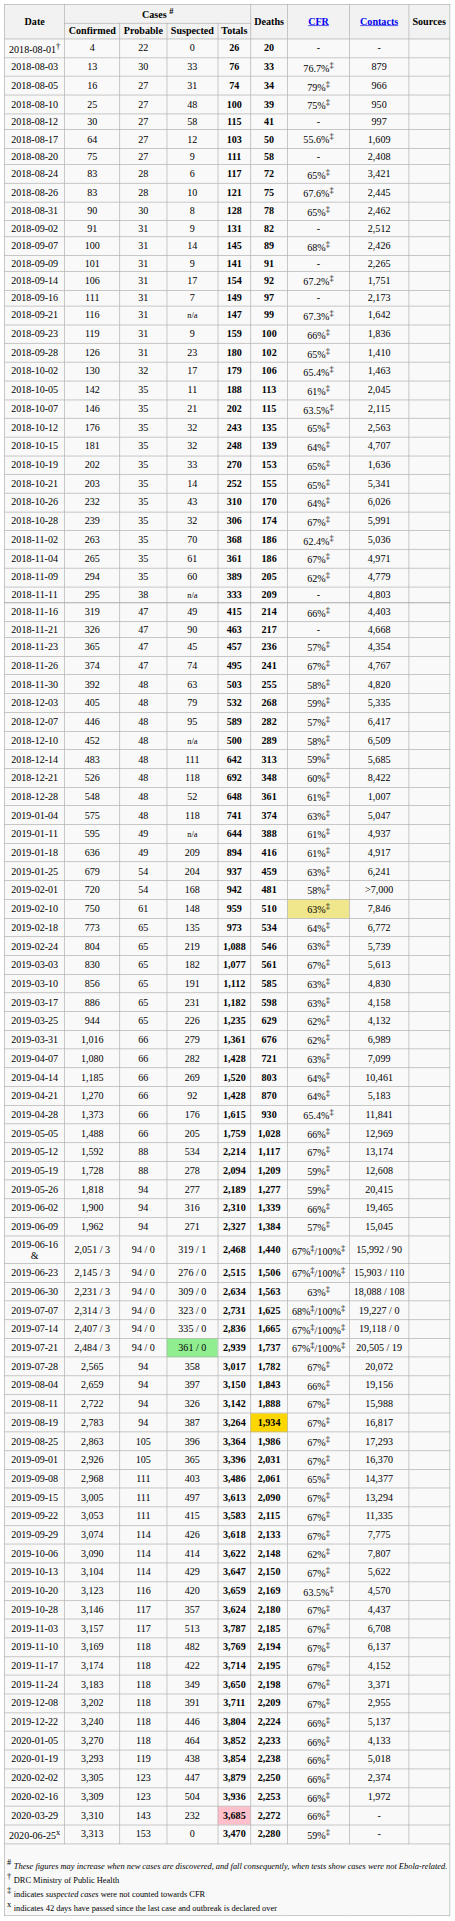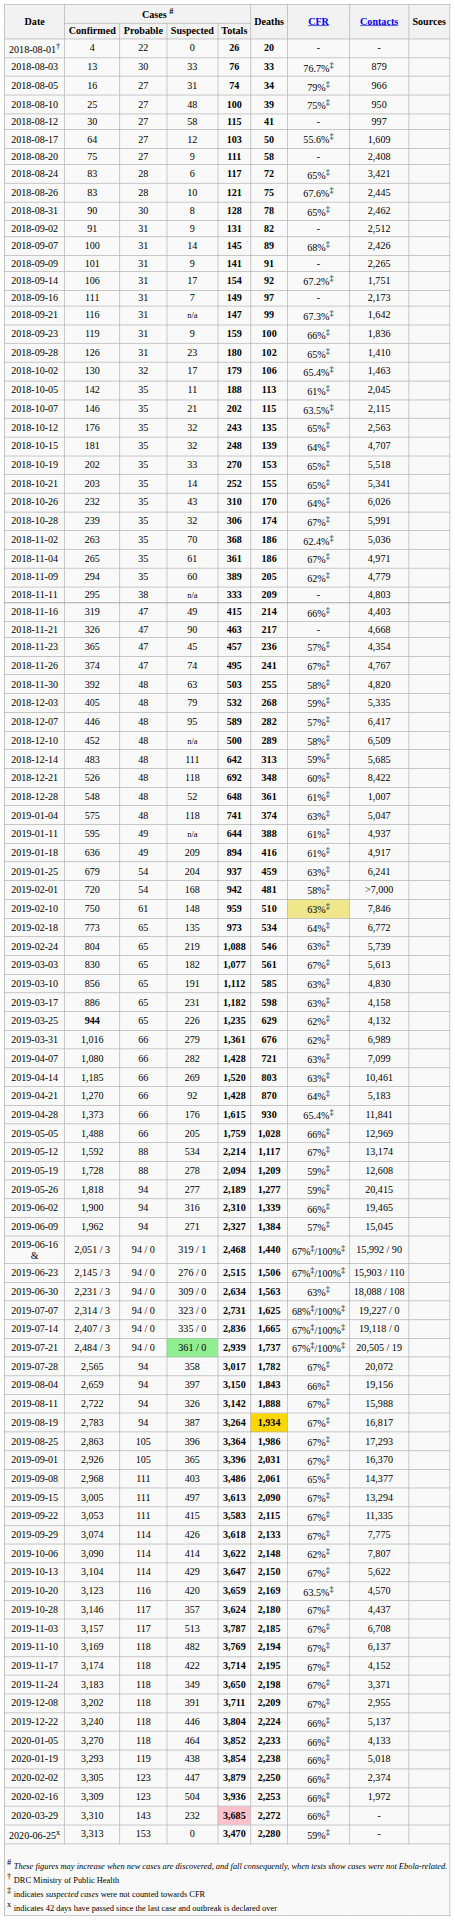 <table class="wikitable mw-collapsible mw-collapsible" style="text-align:center; margin-left: auto; margin-right: auto; border: none;">
 <tr>
 <th rowspan="2">Date</th>
 <th colspan="4">Cases <sup>#</sup></th>
 <th rowspan="2">Deaths</th>
 <th rowspan="2"><a href='#'>CFR</a></th>
 <th rowspan="2"><a href='#'>Contacts</a></th>
 <th rowspan="2">Sources</th>
 </tr>
 <tr>
 <th>Confirmed</th>
 <th>Probable</th>
 <th>Suspected</th>
 <th>Totals</th>
 </tr>
 <tr>
 <td>2018-08-01<sup>†</sup><strong><em></em></strong></td>
 <td>4</td>
 <td>22</td>
 <td>0</td>
 <td><strong>26</strong></td>
 <td><strong>20</strong></td>
 <td>-</td>
 <td>-</td>
 <td></td>
 </tr>
 <tr>
 <td>2018-08-03</td>
 <td>13</td>
 <td>30</td>
 <td>33</td>
 <td><strong>76</strong></td>
 <td><strong>33</strong></td>
 <td>76.7%<sup>‡</sup></td>
 <td>879</td>
 <td></td>
 </tr>
 <tr>
 <td>2018-08-05</td>
 <td>16</td>
 <td>27</td>
 <td>31</td>
 <td><strong>74</strong></td>
 <td><strong>34</strong></td>
 <td>79%<sup>‡</sup></td>
 <td>966</td>
 <td></td>
 </tr>
 <tr>
 <td>2018-08-10</td>
 <td>25</td>
 <td>27</td>
 <td>48</td>
 <td><strong>100</strong></td>
 <td><strong>39</strong></td>
 <td>75%<sup>‡</sup></td>
 <td>950</td>
 <td></td>
 </tr>
 <tr>
 <td>2018-08-12</td>
 <td>30</td>
 <td>27</td>
 <td>58</td>
 <td><strong>115</strong></td>
 <td><strong>41</strong></td>
 <td>-</td>
 <td>997</td>
 <td></td>
 </tr>
 <tr>
 <td>2018-08-17</td>
 <td>64</td>
 <td>27</td>
 <td>12</td>
 <td><strong>103</strong></td>
 <td><strong>50</strong></td>
 <td>55.6%<sup>‡</sup></td>
 <td>1,609</td>
 <td></td>
 </tr>
 <tr>
 <td>2018-08-20</td>
 <td>75</td>
 <td>27</td>
 <td>9</td>
 <td><strong>111</strong></td>
 <td><strong>58</strong></td>
 <td>-</td>
 <td>2,408</td>
 <td></td>
 </tr>
 <tr>
 <td>2018-08-24</td>
 <td>83</td>
 <td>28</td>
 <td>6</td>
 <td><strong>117</strong></td>
 <td><strong>72</strong></td>
 <td>65%<sup>‡</sup></td>
 <td>3,421</td>
 <td></td>
 </tr>
 <tr>
 <td>2018-08-26</td>
 <td>83</td>
 <td>28</td>
 <td>10</td>
 <td><strong>121</strong></td>
 <td><strong>75</strong></td>
 <td>67.6%<sup>‡</sup></td>
 <td>2,445</td>
 <td></td>
 </tr>
 <tr>
 <td>2018-08-31</td>
 <td>90</td>
 <td>30</td>
 <td>8</td>
 <td><strong>128</strong></td>
 <td><strong>78</strong></td>
 <td>65%<sup>‡</sup></td>
 <td>2,462</td>
 <td></td>
 </tr>
 <tr>
 <td>2018-09-02</td>
 <td>91</td>
 <td>31</td>
 <td>9</td>
 <td><strong>131</strong></td>
 <td><strong>82</strong></td>
 <td>-</td>
 <td>2,512</td>
 <td></td>
 </tr>
 <tr>
 <td>2018-09-07</td>
 <td>100</td>
 <td>31</td>
 <td>14</td>
 <td><strong>145</strong></td>
 <td><strong>89</strong></td>
 <td>68%<sup>‡</sup></td>
 <td>2,426</td>
 <td></td>
 </tr>
 <tr>
 <td>2018-09-09</td>
 <td>101</td>
 <td>31</td>
 <td>9</td>
 <td><strong>141</strong></td>
 <td><strong>91</strong></td>
 <td>-</td>
 <td>2,265</td>
 <td></td>
 </tr>
 <tr>
 <td>2018-09-14</td>
 <td>106</td>
 <td>31</td>
 <td>17</td>
 <td><strong>154</strong></td>
 <td><strong>92</strong></td>
 <td>67.2%<sup>‡</sup></td>
 <td>1,751</td>
 <td></td>
 </tr>
 <tr>
 <td>2018-09-16</td>
 <td>111</td>
 <td>31</td>
 <td>7</td>
 <td><strong>149</strong></td>
 <td><strong>97</strong></td>
 <td>-</td>
 <td>2,173</td>
 <td></td>
 </tr>
 <tr>
 <td>2018-09-21</td>
 <td>116</td>
 <td>31</td>
 <td><small>n/a</small></td>
 <td><strong>147</strong></td>
 <td><strong>99</strong></td>
 <td>67.3%<sup>‡</sup></td>
 <td>1,642</td>
 <td></td>
 </tr>
 <tr>
 <td>2018-09-23</td>
 <td>119</td>
 <td>31</td>
 <td>9</td>
 <td><strong>159</strong></td>
 <td><strong>100</strong></td>
 <td>66%<sup>‡</sup></td>
 <td>1,836</td>
 <td></td>
 </tr>
 <tr>
 <td>2018-09-28</td>
 <td>126</td>
 <td>31</td>
 <td>23</td>
 <td><strong>180</strong></td>
 <td><strong>102</strong></td>
 <td>65%<sup>‡</sup></td>
 <td>1,410</td>
 <td></td>
 </tr>
 <tr>
 <td>2018-10-02</td>
 <td>130</td>
 <td>32</td>
 <td>17</td>
 <td><strong>179</strong></td>
 <td><strong>106</strong></td>
 <td>65.4%<sup>‡</sup></td>
 <td>1,463</td>
 <td></td>
 </tr>
 <tr>
 <td>2018-10-05</td>
 <td>142</td>
 <td>35</td>
 <td>11</td>
 <td><strong>188</strong></td>
 <td><strong>113</strong></td>
 <td>61%<sup>‡</sup></td>
 <td>2,045</td>
 <td></td>
 </tr>
 <tr>
 <td>2018-10-07</td>
 <td>146</td>
 <td>35</td>
 <td>21</td>
 <td><strong>202</strong></td>
 <td><strong>115</strong></td>
 <td>63.5%<sup>‡</sup></td>
 <td>2,115</td>
 <td></td>
 </tr>
 <tr>
 <td>2018-10-12</td>
 <td>176</td>
 <td>35</td>
 <td>32</td>
 <td><strong>243</strong></td>
 <td><strong>135</strong></td>
 <td>65%<sup>‡</sup></td>
 <td>2,563</td>
 <td></td>
 </tr>
 <tr>
 <td>2018-10-15</td>
 <td>181</td>
 <td>35</td>
 <td>32</td>
 <td><strong>248</strong></td>
 <td><strong>139</strong></td>
 <td>64%<sup>‡</sup></td>
 <td>4,707</td>
 <td></td>
 </tr>
 <tr>
 <td>2018-10-19</td>
 <td>202</td>
 <td>35</td>
 <td>33</td>
 <td><strong>270</strong></td>
 <td><strong>153</strong></td>
 <td>65%<sup>‡</sup></td>
-<td>1,636</td>
+<td>5,518</td>
 <td></td>
 </tr>
 <tr>
 <td>2018-10-21</td>
 <td>203</td>
 <td>35</td>
 <td>14</td>
 <td><strong>252</strong></td>
 <td><strong>155</strong></td>
 <td>65%<sup>‡</sup></td>
 <td>5,341</td>
 <td></td>
 </tr>
 <tr>
 <td>2018-10-26</td>
 <td>232</td>
 <td>35</td>
 <td>43</td>
 <td><strong>310</strong></td>
 <td><strong>170</strong></td>
 <td>64%<sup>‡</sup></td>
 <td>6,026</td>
 <td></td>
 </tr>
 <tr>
 <td>2018-10-28</td>
 <td>239</td>
 <td>35</td>
 <td>32</td>
 <td><strong>306</strong></td>
 <td><strong>174</strong></td>
 <td>67%<sup>‡</sup></td>
 <td>5,991</td>
 <td></td>
 </tr>
 <tr>
 <td>2018-11-02</td>
 <td>263</td>
 <td>35</td>
 <td>70</td>
 <td><strong>368</strong></td>
 <td><strong>186</strong></td>
 <td>62.4%<sup>‡</sup></td>
 <td>5,036</td>
 <td></td>
 </tr>
 <tr>
 <td>2018-11-04</td>
 <td>265</td>
 <td>35</td>
 <td>61</td>
 <td><strong>361</strong></td>
 <td><strong>186</strong></td>
 <td>67%<sup>‡</sup></td>
 <td>4,971</td>
 <td></td>
 </tr>
 <tr>
 <td>2018-11-09</td>
 <td>294</td>
 <td>35</td>
 <td>60</td>
 <td><strong>389</strong></td>
 <td><strong>205</strong></td>
 <td>62%<sup>‡</sup></td>
 <td>4,779</td>
 <td></td>
 </tr>
 <tr>
 <td>2018-11-11</td>
 <td>295</td>
 <td>38</td>
 <td><small>n/a</small></td>
 <td><strong>333</strong></td>
 <td><strong>209</strong></td>
 <td>-</td>
 <td>4,803</td>
 <td></td>
 </tr>
 <tr>
 </tr>
 <tr 2018-11-16||319||47||49||>
 </tr>
 <tr>
 <td>2018-11-16</td>
 <td>319</td>
 <td>47</td>
 <td>49</td>
 <td><strong>415</strong></td>
 <td><strong>214</strong></td>
 <td>66%<sup>‡</sup></td>
 <td>4,403</td>
 <td></td>
 </tr>
 <tr>
 <td>2018-11-21</td>
 <td>326</td>
 <td>47</td>
 <td>90</td>
 <td><strong>463</strong></td>
 <td><strong>217</strong></td>
 <td>-</td>
 <td>4,668</td>
 <td></td>
 </tr>
 <tr>
 <td>2018-11-23</td>
 <td>365</td>
 <td>47</td>
 <td>45</td>
 <td><strong>457</strong></td>
 <td><strong>236</strong></td>
 <td>57%<sup>‡</sup></td>
 <td>4,354</td>
 <td></td>
 </tr>
 <tr>
 <td>2018-11-26</td>
 <td>374</td>
 <td>47</td>
 <td>74</td>
 <td><strong>495</strong></td>
 <td><strong>241</strong></td>
 <td>67%<sup>‡</sup></td>
 <td>4,767</td>
 <td></td>
 </tr>
 <tr>
 <td>2018-11-30</td>
 <td>392</td>
 <td>48</td>
 <td>63</td>
 <td><strong>503</strong></td>
 <td><strong>255</strong></td>
 <td>58%<sup>‡</sup></td>
 <td>4,820</td>
 <td></td>
 </tr>
 <tr>
 <td>2018-12-03</td>
 <td>405</td>
 <td>48</td>
 <td>79</td>
 <td><strong>532</strong></td>
 <td><strong>268</strong></td>
 <td>59%<sup>‡</sup></td>
 <td>5,335</td>
 <td></td>
 </tr>
 <tr>
 <td>2018-12-07</td>
 <td>446</td>
 <td>48</td>
 <td>95</td>
 <td><strong>589</strong></td>
 <td><strong>282</strong></td>
 <td>57%<sup>‡</sup></td>
 <td>6,417</td>
 <td></td>
 </tr>
 <tr>
 <td>2018-12-10</td>
 <td>452</td>
 <td>48</td>
 <td><small>n/a</small></td>
 <td><strong>500</strong></td>
 <td><strong>289</strong></td>
 <td>58%<sup>‡</sup></td>
 <td>6,509</td>
 <td></td>
 </tr>
 <tr>
 <td>2018-12-14</td>
 <td>483</td>
 <td>48</td>
 <td>111</td>
 <td><strong>642</strong></td>
 <td><strong>313</strong></td>
 <td>59%<sup>‡</sup></td>
 <td>5,685</td>
 <td></td>
 </tr>
 <tr>
 <td>2018-12-21</td>
 <td>526</td>
 <td>48</td>
 <td>118</td>
 <td><strong>692</strong></td>
 <td><strong>348</strong></td>
 <td>60%<sup>‡</sup></td>
 <td>8,422</td>
 <td></td>
 </tr>
 <tr>
 <td>2018-12-28</td>
 <td>548</td>
 <td>48</td>
 <td>52</td>
 <td><strong>648</strong></td>
 <td><strong>361</strong></td>
 <td>61%<sup>‡</sup></td>
 <td>1,007</td>
 <td></td>
 </tr>
 <tr>
 <td>2019-01-04</td>
 <td>575</td>
 <td>48</td>
 <td>118</td>
 <td><strong>741</strong></td>
 <td><strong>374</strong></td>
 <td>63%<sup>‡</sup></td>
 <td>5,047</td>
 <td></td>
 </tr>
 <tr>
 <td>2019-01-11</td>
 <td>595</td>
 <td>49</td>
 <td><small>n/a</small></td>
 <td><strong>644</strong></td>
 <td><strong>388</strong></td>
 <td>61%<sup>‡</sup></td>
 <td>4,937</td>
 <td></td>
 </tr>
 <tr>
 <td>2019-01-18</td>
 <td>636</td>
 <td>49</td>
 <td>209</td>
 <td><strong>894</strong></td>
 <td><strong>416</strong></td>
 <td>61%<sup>‡</sup></td>
 <td>4,917</td>
 <td></td>
 </tr>
 <tr>
 <td>2019-01-25</td>
 <td>679</td>
 <td>54</td>
 <td>204</td>
 <td><strong>937</strong></td>
 <td><strong>459</strong></td>
 <td>63%<sup>‡</sup></td>
 <td>6,241</td>
 <td></td>
 </tr>
 <tr>
 <td>2019-02-01</td>
 <td>720</td>
 <td>54</td>
 <td>168</td>
 <td><strong>942</strong></td>
 <td><strong>481</strong></td>
 <td>58%<sup>‡</sup></td>
 <td>>7,000</td>
 <td></td>
 </tr>
 <tr>
 <td>2019-02-10</td>
 <td>750</td>
 <td>61</td>
 <td>148</td>
 <td><strong>959</strong></td>
 <td><strong>510</strong></td>
 <td style="background: khaki;">63%<sup>‡</sup></td>
 <td>7,846</td>
 <td></td>
 </tr>
 <tr>
 <td>2019-02-18</td>
 <td>773</td>
 <td>65</td>
 <td>135</td>
 <td><strong>973</strong></td>
 <td><strong>534</strong></td>
 <td>64%<sup>‡</sup></td>
 <td>6,772</td>
 <td></td>
 </tr>
 <tr>
 <td>2019-02-24</td>
 <td>804</td>
 <td>65</td>
 <td>219</td>
 <td><strong>1,088 </strong></td>
 <td><strong>546</strong></td>
 <td>63%<sup>‡</sup></td>
 <td>5,739</td>
 <td></td>
 </tr>
 <tr>
 <td>2019-03-03</td>
 <td>830</td>
 <td>65</td>
 <td>182</td>
 <td><strong>1,077</strong></td>
 <td><strong>561</strong></td>
 <td>67%<sup>‡</sup></td>
 <td>5,613</td>
 <td></td>
 </tr>
 <tr>
 <td>2019-03-10</td>
 <td>856</td>
 <td>65</td>
 <td>191</td>
 <td><strong>1,112</strong></td>
 <td><strong>585</strong></td>
 <td>63%<sup>‡</sup></td>
 <td>4,830</td>
 <td></td>
 </tr>
 <tr>
 <td>2019-03-17</td>
 <td>886</td>
 <td>65</td>
 <td>231</td>
 <td><strong>1,182</strong></td>
 <td><strong>598</strong></td>
 <td>63%<sup>‡</sup></td>
 <td>4,158</td>
 <td></td>
 </tr>
 <tr>
 <td>2019-03-25</td>
-<td>944</td>
+<td><strong>944</strong></td>
 <td>65</td>
 <td>226</td>
 <td><strong>1,235</strong></td>
 <td><strong>629</strong></td>
 <td>62%<sup>‡</sup></td>
 <td>4,132</td>
 <td></td>
 </tr>
 <tr>
 <td>2019-03-31</td>
 <td>1,016</td>
 <td>66</td>
 <td>279</td>
 <td><strong>1,361</strong></td>
 <td><strong>676</strong></td>
 <td>62%<sup>‡</sup></td>
 <td>6,989</td>
 <td></td>
 </tr>
 <tr>
 <td>2019-04-07</td>
 <td>1,080</td>
 <td>66</td>
 <td>282</td>
 <td><strong>1,428</strong></td>
 <td><strong>721</strong></td>
 <td>63%<sup>‡</sup></td>
 <td>7,099</td>
 <td></td>
 </tr>
 <tr>
 <td>2019-04-14</td>
 <td>1,185</td>
 <td>66</td>
 <td>269</td>
 <td><strong>1,520</strong></td>
 <td><strong>803</strong></td>
-<td>64%<sup>‡</sup></td>
+<td>63%<sup>‡</sup></td>
 <td>10,461</td>
 <td></td>
 </tr>
 <tr>
 <td>2019-04-21</td>
 <td>1,270</td>
 <td>66</td>
 <td>92</td>
 <td><strong>1,428</strong></td>
 <td><strong>870</strong></td>
 <td>64%<sup>‡</sup></td>
 <td>5,183</td>
 <td></td>
 </tr>
 <tr>
 <td>2019-04-28</td>
 <td>1,373</td>
 <td>66</td>
 <td>176</td>
 <td><strong>1,615</strong></td>
 <td><strong>930</strong></td>
 <td>65.4%<sup>‡</sup></td>
 <td>11,841</td>
 <td></td>
 </tr>
 <tr>
 <td>2019-05-05</td>
 <td>1,488</td>
 <td>66</td>
 <td>205</td>
 <td><strong>1,759</strong></td>
 <td><strong>1,028</strong></td>
 <td>66%<sup>‡</sup></td>
 <td>12,969</td>
 <td></td>
 </tr>
 <tr>
 <td>2019-05-12</td>
 <td>1,592</td>
 <td>88</td>
 <td>534</td>
 <td><strong>2,214</strong></td>
 <td><strong>1,117</strong></td>
 <td>67%<sup>‡</sup></td>
 <td>13,174</td>
 <td></td>
 </tr>
 <tr>
 <td>2019-05-19</td>
 <td>1,728</td>
 <td>88</td>
 <td>278</td>
 <td><strong>2,094</strong></td>
 <td><strong>1,209</strong></td>
 <td>59%<sup>‡</sup></td>
 <td>12,608</td>
 <td></td>
 </tr>
 <tr>
 <td>2019-05-26</td>
 <td>1,818</td>
 <td>94</td>
 <td>277</td>
 <td><strong>2,189</strong></td>
 <td><strong>1,277</strong></td>
 <td>59%<sup>‡</sup></td>
 <td>20,415</td>
 <td></td>
 </tr>
 <tr>
 <td>2019-06-02</td>
 <td>1,900</td>
 <td>94</td>
 <td>316</td>
 <td><strong>2,310</strong></td>
 <td><strong>1,339</strong></td>
 <td>66%<sup>‡</sup></td>
 <td>19,465</td>
 <td></td>
 </tr>
 <tr>
 <td>2019-06-09</td>
 <td>1,962</td>
 <td>94</td>
 <td>271</td>
 <td><strong>2,327</strong></td>
 <td><strong>1,384</strong></td>
 <td>57%<sup>‡</sup></td>
 <td>15,045</td>
 <td></td>
 </tr>
 <tr>
 <td>2019-06-16 <br><strong><em></em></strong> & <strong><em></em></strong></td>
 <td>2,051 / 3</td>
 <td>94 / 0</td>
 <td>319 / 1</td>
 <td><strong>2,468</strong></td>
 <td><strong>1,440</strong></td>
 <td>67%<sup>‡</sup>/100%<sup>‡</sup></td>
 <td>15,992 / 90</td>
 <td></td>
 </tr>
 <tr>
 <td>2019-06-23</td>
 <td>2,145 / 3</td>
 <td>94 / 0</td>
 <td>276 / 0</td>
 <td><strong>2,515</strong></td>
 <td><strong>1,506</strong></td>
 <td>67%<sup>‡</sup>/100%<sup>‡</sup></td>
 <td>15,903 / 110</td>
 <td></td>
 </tr>
 <tr>
 <td>2019-06-30</td>
 <td>2,231 / 3</td>
 <td>94 / 0</td>
 <td>309 / 0</td>
 <td><strong>2,634</strong></td>
 <td><strong>1,563</strong></td>
 <td>63%<sup>‡</sup></td>
 <td>18,088 / 108</td>
 <td></td>
 </tr>
 <tr>
 <td>2019-07-07</td>
 <td>2,314 / 3</td>
 <td>94 / 0</td>
 <td>323 / 0</td>
 <td><strong>2,731</strong></td>
 <td><strong>1,625</strong></td>
 <td>68%<sup>‡</sup>/100%<sup>‡</sup></td>
 <td>19,227 / 0</td>
 <td></td>
 </tr>
 <tr>
 <td>2019-07-14</td>
 <td>2,407 / 3</td>
 <td>94 / 0</td>
 <td>335 / 0</td>
 <td><strong>2,836</strong></td>
 <td><strong>1,665</strong></td>
 <td>67%<sup>‡</sup>/100%<sup>‡</sup></td>
 <td>19,118 / 0</td>
 <td></td>
 </tr>
 <tr>
 <td>2019-07-21</td>
 <td>2,484 / 3</td>
 <td>94 / 0</td>
 <td style="background: lightgreen;">361 / 0</td>
 <td><strong>2,939</strong></td>
 <td><strong>1,737</strong></td>
 <td>67%<sup>‡</sup>/100%<sup>‡</sup></td>
 <td>20,505 / 19</td>
 <td></td>
 </tr>
 <tr>
 <td>2019-07-28 <strong><em></em></strong></td>
 <td>2,565</td>
 <td>94</td>
 <td>358</td>
 <td><strong>3,017</strong></td>
 <td><strong>1,782</strong></td>
 <td>67%<sup>‡</sup></td>
 <td>20,072</td>
 <td></td>
 </tr>
 <tr>
 <td>2019-08-04</td>
 <td>2,659</td>
 <td>94</td>
 <td>397</td>
 <td><strong>3,150</strong></td>
 <td><strong>1,843</strong></td>
 <td>66%<sup>‡</sup></td>
 <td>19,156</td>
 <td></td>
 </tr>
 <tr>
 <td>2019-08-11</td>
 <td>2,722</td>
 <td>94</td>
 <td>326</td>
 <td><strong>3,142</strong></td>
 <td><strong>1,888</strong></td>
 <td>67%<sup>‡</sup></td>
 <td>15,988</td>
 <td></td>
 </tr>
 <tr>
 <td>2019-08-19</td>
 <td>2,783</td>
 <td>94</td>
 <td>387</td>
 <td><strong>3,264</strong></td>
 <td style="background: gold;"><strong>1,934</strong></td>
 <td>67%<sup>‡</sup></td>
 <td>16,817</td>
 <td></td>
 </tr>
 <tr>
 <td>2019-08-25</td>
 <td>2,863</td>
 <td>105</td>
 <td>396</td>
 <td><strong>3,364</strong></td>
 <td><strong>1,986</strong></td>
 <td>67%<sup>‡</sup></td>
 <td>17,293</td>
 <td></td>
 </tr>
 <tr>
 <td>2019-09-01</td>
 <td>2,926</td>
 <td>105</td>
 <td>365</td>
 <td><strong>3,396</strong></td>
 <td><strong>2,031</strong></td>
 <td>67%<sup>‡</sup></td>
 <td>16,370</td>
 <td></td>
 </tr>
 <tr>
 <td>2019-09-08</td>
 <td>2,968</td>
 <td>111</td>
 <td>403</td>
 <td><strong>3,486</strong></td>
 <td><strong>2,061</strong></td>
 <td>65%<sup>‡</sup></td>
 <td>14,377</td>
 <td></td>
 </tr>
 <tr>
 <td>2019-09-15</td>
 <td>3,005</td>
 <td>111</td>
 <td>497</td>
 <td><strong>3,613</strong></td>
 <td><strong>2,090</strong></td>
 <td>67%<sup>‡</sup></td>
 <td>13,294</td>
 <td></td>
 </tr>
 <tr>
 <td>2019-09-22</td>
 <td>3,053</td>
 <td>111</td>
 <td>415</td>
 <td><strong>3,583</strong></td>
 <td><strong>2,115</strong></td>
 <td>67%<sup>‡</sup></td>
 <td>11,335</td>
 <td></td>
 </tr>
 <tr>
 <td>2019-09-29</td>
 <td>3,074</td>
 <td>114</td>
 <td>426</td>
 <td><strong>3,618</strong></td>
 <td><strong>2,133</strong></td>
 <td>67%<sup>‡</sup></td>
 <td>7,775</td>
 <td></td>
 </tr>
 <tr>
 <td>2019-10-06</td>
 <td>3,090</td>
 <td>114</td>
 <td>414</td>
 <td><strong>3,622</strong></td>
 <td><strong>2,148</strong></td>
 <td>62%<sup>‡</sup></td>
 <td>7,807</td>
 <td></td>
 </tr>
 <tr>
 <td>2019-10-13</td>
 <td>3,104</td>
 <td>114</td>
 <td>429</td>
 <td><strong>3,647</strong></td>
 <td><strong>2,150</strong></td>
 <td>67%<sup>‡</sup></td>
 <td>5,622</td>
 <td></td>
 </tr>
 <tr>
 <td>2019-10-20</td>
 <td>3,123</td>
 <td>116</td>
 <td>420</td>
 <td><strong>3,659</strong></td>
 <td><strong>2,169</strong></td>
 <td>63.5%<sup>‡</sup></td>
 <td>4,570</td>
 <td></td>
 </tr>
 <tr>
 <td>2019-10-28</td>
 <td>3,146</td>
 <td>117</td>
 <td>357</td>
 <td><strong>3,624</strong></td>
 <td><strong>2,180</strong></td>
 <td>67%<sup>‡</sup></td>
 <td>4,437</td>
 <td></td>
 </tr>
 <tr>
 <td>2019-11-03</td>
 <td>3,157</td>
 <td>117</td>
 <td>513</td>
 <td><strong>3,787</strong></td>
 <td><strong>2,185</strong></td>
 <td>67%<sup>‡</sup></td>
 <td>6,708</td>
 <td></td>
 </tr>
 <tr>
 <td>2019-11-10</td>
 <td>3,169</td>
 <td>118</td>
 <td>482</td>
 <td><strong>3,769</strong></td>
 <td><strong>2,194</strong></td>
 <td>67%<sup>‡</sup></td>
 <td>6,137</td>
 <td></td>
 </tr>
 <tr>
 <td>2019-11-17</td>
 <td>3,174</td>
 <td>118</td>
 <td>422</td>
 <td><strong>3,714</strong></td>
 <td><strong>2,195</strong></td>
 <td>67%<sup>‡</sup></td>
 <td>4,152</td>
 <td></td>
 </tr>
 <tr>
 <td>2019-11-24</td>
 <td>3,183</td>
 <td>118</td>
 <td>349</td>
 <td><strong>3,650</strong></td>
 <td><strong>2,198</strong></td>
 <td>67%<sup>‡</sup></td>
 <td>3,371</td>
 <td></td>
 </tr>
 <tr>
 <td>2019-12-08</td>
 <td>3,202</td>
 <td>118</td>
 <td>391</td>
 <td><strong>3,711</strong></td>
 <td><strong>2,209</strong></td>
 <td>67%<sup>‡</sup></td>
 <td>2,955</td>
 <td></td>
 </tr>
 <tr>
 <td>2019-12-22</td>
 <td>3,240</td>
 <td>118</td>
 <td>446</td>
 <td><strong>3,804</strong></td>
 <td><strong>2,224</strong></td>
 <td>66%<sup>‡</sup></td>
 <td>5,137</td>
 <td></td>
 </tr>
 <tr>
 <td>2020-01-05</td>
 <td>3,270</td>
 <td>118</td>
 <td>464</td>
 <td><strong>3,852</strong></td>
 <td><strong>2,233</strong></td>
 <td>66%<sup>‡</sup></td>
 <td>4,133</td>
 <td></td>
 </tr>
 <tr>
 <td>2020-01-19</td>
 <td>3,293</td>
 <td>119</td>
 <td>438</td>
 <td><strong>3,854</strong></td>
 <td><strong>2,238</strong></td>
 <td>66%<sup>‡</sup></td>
 <td>5,018</td>
 <td></td>
 </tr>
 <tr>
 <td>2020-02-02</td>
 <td>3,305</td>
 <td>123</td>
 <td>447</td>
 <td><strong>3,879</strong></td>
 <td><strong>2,250</strong></td>
 <td>66%<sup>‡</sup></td>
 <td>2,374</td>
 <td></td>
 </tr>
 <tr>
 <td>2020-02-16</td>
 <td>3,309</td>
 <td>123</td>
 <td>504</td>
 <td><strong>3,936</strong></td>
 <td><strong>2,253</strong></td>
 <td>66%<sup>‡</sup></td>
 <td>1,972</td>
 <td></td>
 </tr>
 <tr>
 <td>2020-03-29</td>
 <td>3,310</td>
 <td>143</td>
 <td>232</td>
 <td style="background: pink;"><strong>3,685</strong></td>
 <td><strong>2,272</strong></td>
 <td>66%<sup>‡</sup></td>
 <td>-</td>
 <td></td>
 </tr>
 <tr>
 <td>2020-06-25<sup>x</sup></td>
 <td>3,313</td>
 <td>153</td>
 <td>0</td>
 <td><strong>3,470</strong></td>
 <td><strong>2,280</strong></td>
 <td>59%<sup>‡</sup></td>
 <td>-</td>
 <td></td>
 </tr>
 <tr>
 <td colspan="9" align="left"><br><sup>#</sup> <small><em>These figures may increase when new cases are discovered, and fall consequently, when tests show cases were not Ebola-related.</em></small><br> <sup>†</sup> <small>DRC Ministry of Public Health</small><br> <sup>‡</sup> <small>indicates <em>suspected cases</em> were not counted towards CFR</small><br> <sup>x</sup> <small>indicates 42 days have passed since the last case and outbreak is declared over</small></td>
 </tr>
 </table>
